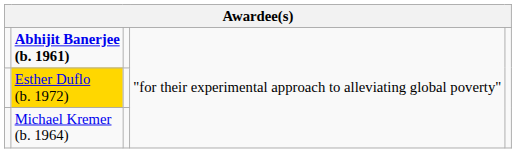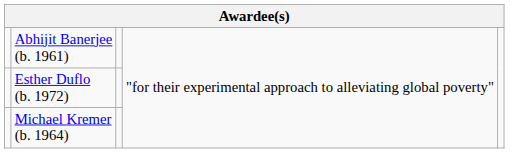 <table class="wikitable">
 <tr>
 <th colspan="5">Awardee(s)</th>
 </tr>
 <tr>
 <td></td>
-<td><strong><a href='#'>Abhijit Banerjee</a><br>(b. 1961)</strong></td>
+<td><a href='#'>Abhijit Banerjee</a><br>(b. 1961)</td>
 <td></td>
 <td rowspan="3">"for their experimental approach to alleviating global poverty"</td>
 <td rowspan="3"></td>
 </tr>
 <tr>
 <td></td>
-<td style="background: gold;"><a href='#'>Esther Duflo</a><br>(b. 1972)</td>
+<td><a href='#'>Esther Duflo</a><br>(b. 1972)</td>
 <td><br></td>
 </tr>
 <tr>
 <td></td>
 <td><a href='#'>Michael Kremer</a><br>(b. 1964)</td>
 <td></td>
 </tr>
 </table>
